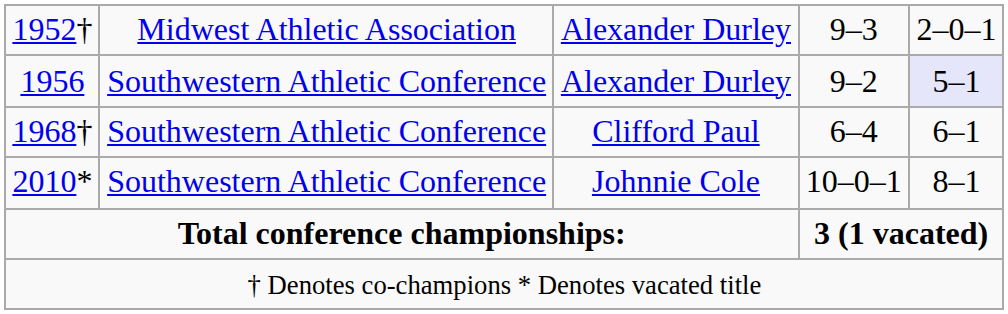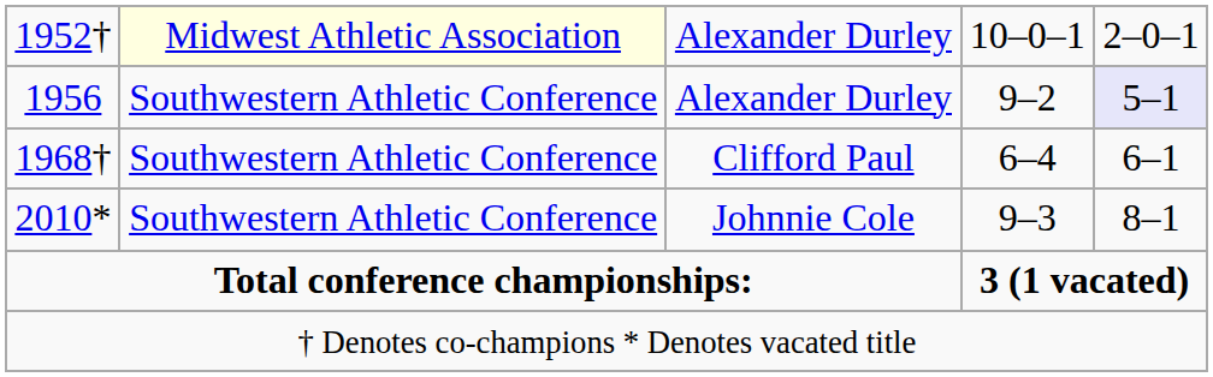 <table class="wikitable" style="text-align:center">
 <tr>
 </tr>
 <tr align="center">
 <td><a href='#'>1952</a>†</td>
-<td><a href='#'>Midwest Athletic Association</a></td>
+<td style="background: lightyellow;"><a href='#'>Midwest Athletic Association</a></td>
 <td><a href='#'>Alexander Durley</a></td>
-<td>9–3</td>
+<td>10–0–1</td>
 <td>2–0–1</td>
 </tr>
 <tr align="center">
 <td><a href='#'>1956</a></td>
 <td><a href='#'>Southwestern Athletic Conference</a></td>
 <td><a href='#'>Alexander Durley</a></td>
 <td>9–2</td>
 <td style="background: lavender;">5–1</td>
 </tr>
 <tr align="center">
 <td><a href='#'>1968</a>†</td>
 <td><a href='#'>Southwestern Athletic Conference</a></td>
 <td><a href='#'>Clifford Paul</a></td>
 <td>6–4</td>
 <td>6–1</td>
 </tr>
 <tr align="center">
 <td><a href='#'>2010</a>*</td>
 <td><a href='#'>Southwestern Athletic Conference</a></td>
 <td><a href='#'>Johnnie Cole</a></td>
-<td>10–0–1</td>
+<td>9–3</td>
 <td>8–1</td>
 </tr>
 <tr align="center">
 <td colspan=3><strong>Total conference championships:</strong></td>
 <td colspan=2><strong>3 (1 vacated)</strong></td>
 </tr>
 <tr>
 <td colspan=7><small>† Denotes co-champions * Denotes vacated title</small></td>
 </tr>
 </table>
